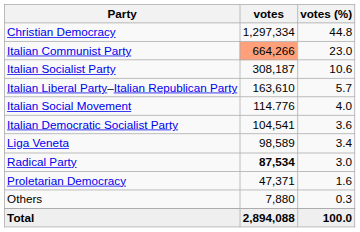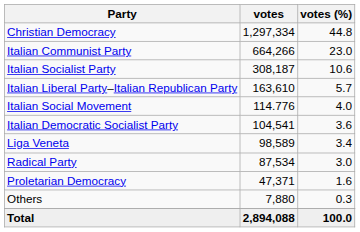 <table class="wikitable" style="font-size:95%">
 <tr bgcolor="EFEFEF">
 <th>Party</th>
 <th>votes</th>
 <th>votes (%)</th>
 </tr>
 <tr>
 <td><a href='#'>Christian Democracy</a></td>
 <td align=right>1,297,334</td>
 <td align=right>44.8</td>
 </tr>
 <tr>
 <td><a href='#'>Italian Communist Party</a></td>
-<td align=right style="background: lightsalmon;">664,266</td>
+<td align=right>664,266</td>
 <td align=right>23.0</td>
 </tr>
 <tr>
 <td><a href='#'>Italian Socialist Party</a></td>
 <td align=right>308,187</td>
 <td align=right>10.6</td>
 </tr>
 <tr>
 <td><a href='#'>Italian Liberal Party</a>–<a href='#'>Italian Republican Party</a></td>
 <td align=right>163,610</td>
 <td align=right>5.7</td>
 </tr>
 <tr>
 <td><a href='#'>Italian Social Movement</a></td>
 <td align=right>114.776</td>
 <td align=right>4.0</td>
 </tr>
 <tr>
 <td><a href='#'>Italian Democratic Socialist Party</a></td>
 <td align=right>104,541</td>
 <td align=right>3.6</td>
 </tr>
 <tr>
 <td><a href='#'>Liga Veneta</a></td>
 <td align=right>98,589</td>
 <td align=right>3.4</td>
 </tr>
 <tr>
 <td><a href='#'>Radical Party</a></td>
-<td align=right><strong>87,534</strong></td>
+<td align=right>87,534</td>
 <td align=right>3.0</td>
 </tr>
 <tr>
 <td><a href='#'>Proletarian Democracy</a></td>
 <td align=right>47,371</td>
 <td align=right>1.6</td>
 </tr>
 <tr>
 <td>Others</td>
 <td align=right>7,880</td>
 <td align=right>0.3</td>
 </tr>
 <tr>
 </tr>
 <tr bgcolor="EFEFEF">
 <td><strong>Total</strong></td>
 <td align=right><strong>2,894,088</strong></td>
 <td align=right><strong>100.0</strong></td>
 </tr>
 </table>
